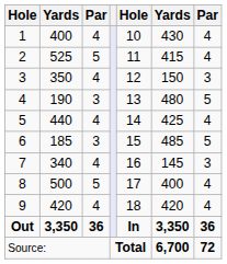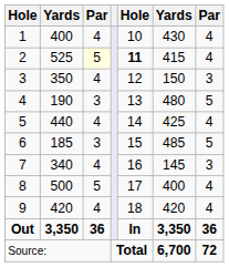 <table class=wikitable style="text-align: center">
 <tr>
 <th>Hole</th>
 <th>Yards</th>
 <th>Par</th>
 <th></th>
 <th>Hole</th>
 <th>Yards</th>
 <th>Par</th>
 </tr>
 <tr>
 <td>1</td>
 <td>400</td>
 <td>4</td>
 <td rowspan=10 style="background:#E6E8FA;"></td>
 <td>10</td>
 <td>430</td>
 <td>4</td>
 </tr>
 <tr>
 <td>2</td>
 <td>525</td>
-<td>5</td>
-<td>11</td>
+<td style="background: lightyellow;">5</td>
+<td><strong>11</strong></td>
 <td>415</td>
 <td>4</td>
 </tr>
 <tr>
 <td>3</td>
 <td>350</td>
 <td>4</td>
 <td>12</td>
 <td>150</td>
 <td>3</td>
 </tr>
 <tr>
 <td>4</td>
 <td>190</td>
 <td>3</td>
 <td>13</td>
 <td>480</td>
 <td>5</td>
 </tr>
 <tr>
 <td>5</td>
 <td>440</td>
 <td>4</td>
 <td>14</td>
 <td>425</td>
 <td>4</td>
 </tr>
 <tr>
 <td>6</td>
 <td>185</td>
 <td>3</td>
 <td>15</td>
 <td>485</td>
 <td>5</td>
 </tr>
 <tr>
 <td>7</td>
 <td>340</td>
 <td>4</td>
 <td>16</td>
 <td>145</td>
 <td>3</td>
 </tr>
 <tr>
 <td>8</td>
 <td>500</td>
 <td>5</td>
 <td>17</td>
 <td>400</td>
 <td>4</td>
 </tr>
 <tr>
 <td>9</td>
 <td>420</td>
 <td>4</td>
 <td>18</td>
 <td>420</td>
 <td>4</td>
 </tr>
 <tr>
 <td><strong>Out</strong></td>
 <td><strong>3,350</strong></td>
 <td><strong>36</strong></td>
 <td><strong>In</strong></td>
 <td><strong>3,350</strong></td>
 <td><strong>36</strong></td>
 </tr>
 <tr>
 <td colspan=3 align=left><small>Source:</small></td>
 <td colspan=2><strong>Total</strong></td>
 <td><strong>6,700</strong></td>
 <td><strong>72</strong></td>
 </tr>
 </table>
